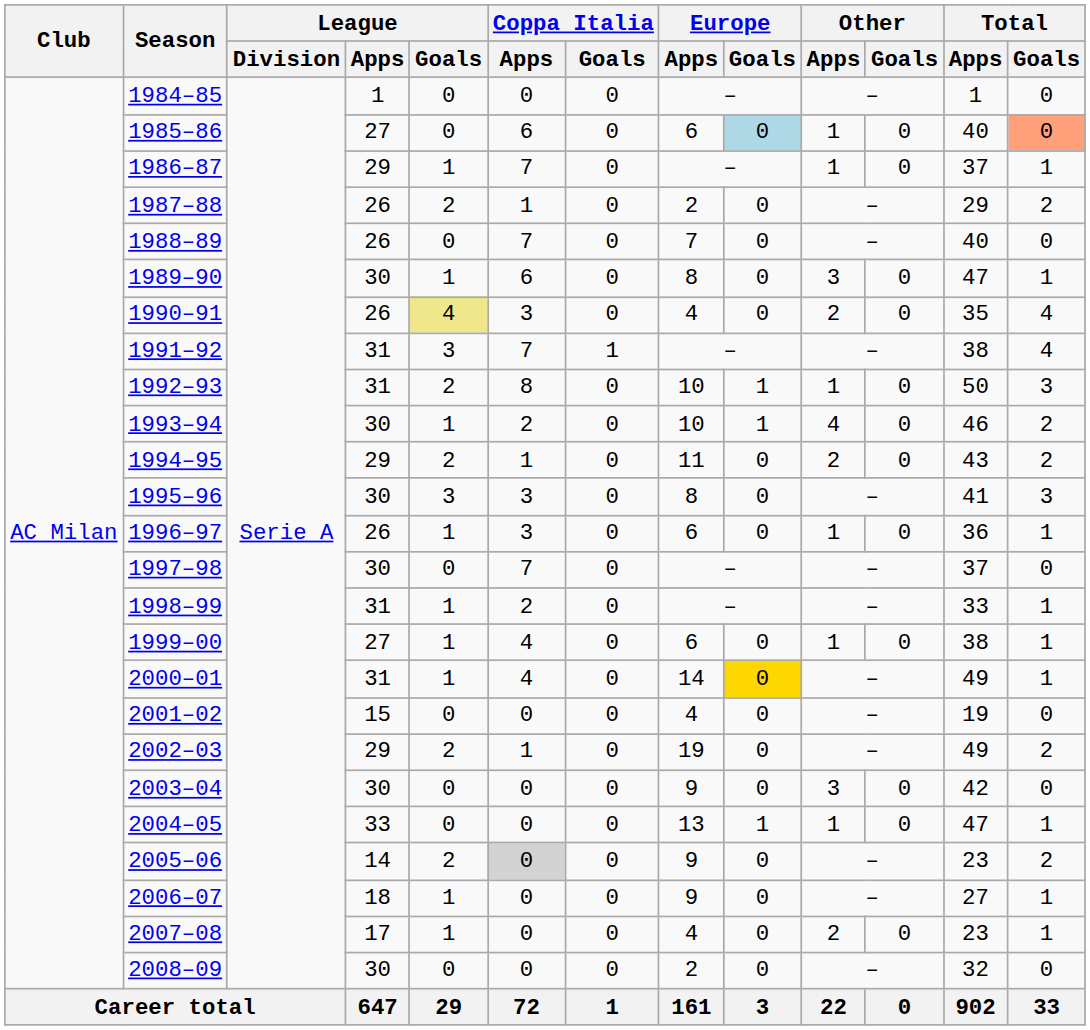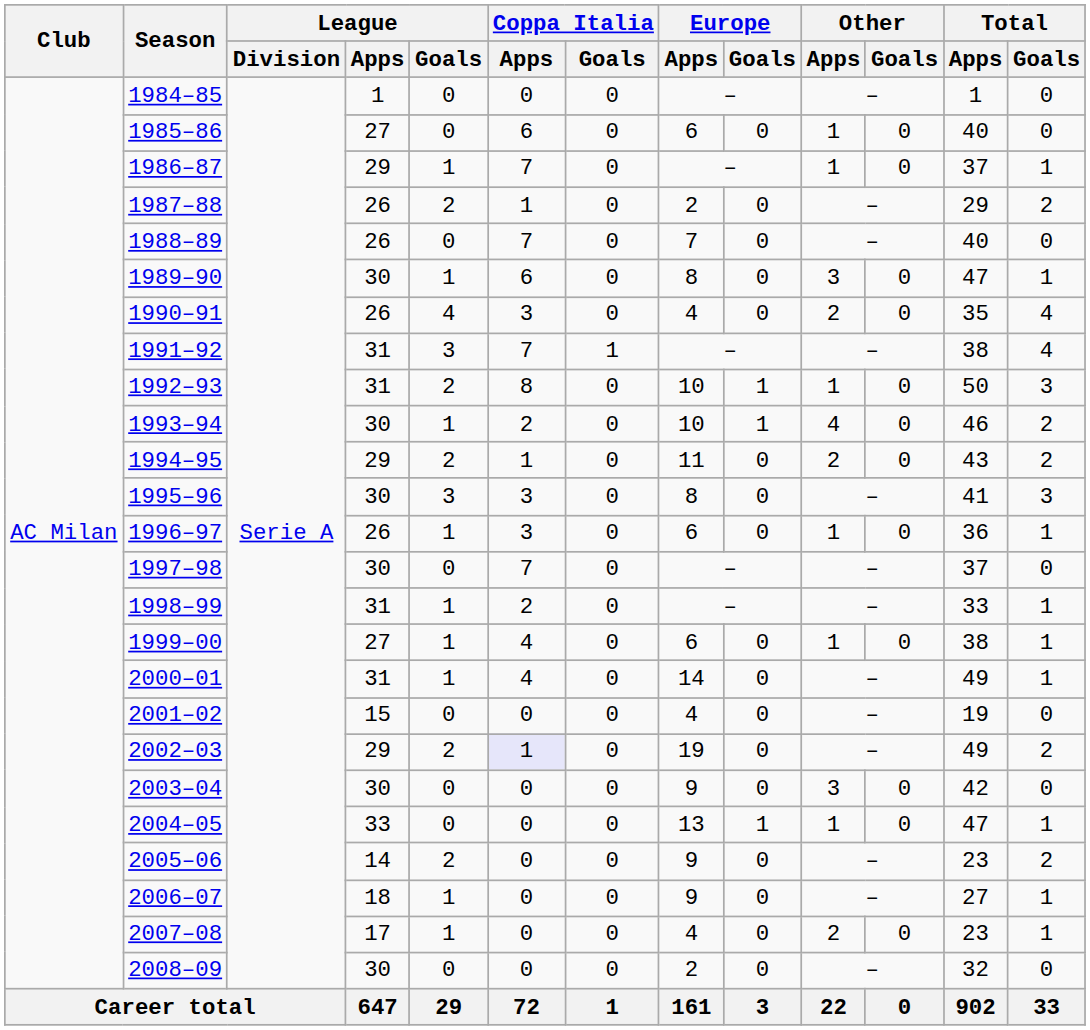 <table class="wikitable" style="text-align: center;">
 <tr>
 <th rowspan="2">Club</th>
 <th rowspan="2">Season</th>
 <th colspan="3">League</th>
 <th colspan="2"><a href='#'>Coppa Italia</a></th>
 <th colspan="2"><a href='#'>Europe</a></th>
 <th colspan="2">Other</th>
 <th colspan="2">Total</th>
 </tr>
 <tr>
 <th>Division</th>
 <th>Apps</th>
 <th>Goals</th>
 <th>Apps</th>
 <th>Goals</th>
 <th>Apps</th>
 <th>Goals</th>
 <th>Apps</th>
 <th>Goals</th>
 <th>Apps</th>
 <th>Goals</th>
 </tr>
 <tr>
 <td rowspan="25"><a href='#'>AC Milan</a></td>
 <td><a href='#'>1984–85</a></td>
 <td rowspan="25"><a href='#'>Serie A</a></td>
 <td>1</td>
 <td>0</td>
 <td>0</td>
 <td>0</td>
 <td colspan="2">–</td>
 <td colspan="2">–</td>
 <td>1</td>
 <td>0</td>
 </tr>
 <tr>
 <td><a href='#'>1985–86</a></td>
 <td>27</td>
 <td>0</td>
 <td>6</td>
 <td>0</td>
 <td>6</td>
-<td style="background: lightblue;">0</td>
+<td>0</td>
 <td>1</td>
 <td>0</td>
 <td>40</td>
-<td style="background: lightsalmon;">0</td>
+<td>0</td>
 </tr>
 <tr>
 <td><a href='#'>1986–87</a></td>
 <td>29</td>
 <td>1</td>
 <td>7</td>
 <td>0</td>
 <td colspan="2">–</td>
 <td>1</td>
 <td>0</td>
 <td>37</td>
 <td>1</td>
 </tr>
 <tr>
 <td><a href='#'>1987–88</a></td>
 <td>26</td>
 <td>2</td>
 <td>1</td>
 <td>0</td>
 <td>2</td>
 <td>0</td>
 <td colspan="2">–</td>
 <td>29</td>
 <td>2</td>
 </tr>
 <tr>
 <td><a href='#'>1988–89</a></td>
 <td>26</td>
 <td>0</td>
 <td>7</td>
 <td>0</td>
 <td>7</td>
 <td>0</td>
 <td colspan="2">–</td>
 <td>40</td>
 <td>0</td>
 </tr>
 <tr>
 <td><a href='#'>1989–90</a></td>
 <td>30</td>
 <td>1</td>
 <td>6</td>
 <td>0</td>
 <td>8</td>
 <td>0</td>
 <td>3</td>
 <td>0</td>
 <td>47</td>
 <td>1</td>
 </tr>
 <tr>
 <td><a href='#'>1990–91</a></td>
 <td>26</td>
-<td style="background: khaki;">4</td>
+<td>4</td>
 <td>3</td>
 <td>0</td>
 <td>4</td>
 <td>0</td>
 <td>2</td>
 <td>0</td>
 <td>35</td>
 <td>4</td>
 </tr>
 <tr>
 <td><a href='#'>1991–92</a></td>
 <td>31</td>
 <td>3</td>
 <td>7</td>
 <td>1</td>
 <td colspan="2">–</td>
 <td colspan="2">–</td>
 <td>38</td>
 <td>4</td>
 </tr>
 <tr>
 <td><a href='#'>1992–93</a></td>
 <td>31</td>
 <td>2</td>
 <td>8</td>
 <td>0</td>
 <td>10</td>
 <td>1</td>
 <td>1</td>
 <td>0</td>
 <td>50</td>
 <td>3</td>
 </tr>
 <tr>
 <td><a href='#'>1993–94</a></td>
 <td>30</td>
 <td>1</td>
 <td>2</td>
 <td>0</td>
 <td>10</td>
 <td>1</td>
 <td>4</td>
 <td>0</td>
 <td>46</td>
 <td>2</td>
 </tr>
 <tr>
 <td><a href='#'>1994–95</a></td>
 <td>29</td>
 <td>2</td>
 <td>1</td>
 <td>0</td>
 <td>11</td>
 <td>0</td>
 <td>2</td>
 <td>0</td>
 <td>43</td>
 <td>2</td>
 </tr>
 <tr>
 <td><a href='#'>1995–96</a></td>
 <td>30</td>
 <td>3</td>
 <td>3</td>
 <td>0</td>
 <td>8</td>
 <td>0</td>
 <td colspan="2">–</td>
 <td>41</td>
 <td>3</td>
 </tr>
 <tr>
 <td><a href='#'>1996–97</a></td>
 <td>26</td>
 <td>1</td>
 <td>3</td>
 <td>0</td>
 <td>6</td>
 <td>0</td>
 <td>1</td>
 <td>0</td>
 <td>36</td>
 <td>1</td>
 </tr>
 <tr>
 <td><a href='#'>1997–98</a></td>
 <td>30</td>
 <td>0</td>
 <td>7</td>
 <td>0</td>
 <td colspan="2">–</td>
 <td colspan="2">–</td>
 <td>37</td>
 <td>0</td>
 </tr>
 <tr>
 <td><a href='#'>1998–99</a></td>
 <td>31</td>
 <td>1</td>
 <td>2</td>
 <td>0</td>
 <td colspan="2">–</td>
 <td colspan="2">–</td>
 <td>33</td>
 <td>1</td>
 </tr>
 <tr>
 <td><a href='#'>1999–00</a></td>
 <td>27</td>
 <td>1</td>
 <td>4</td>
 <td>0</td>
 <td>6</td>
 <td>0</td>
 <td>1</td>
 <td>0</td>
 <td>38</td>
 <td>1</td>
 </tr>
 <tr>
 <td><a href='#'>2000–01</a></td>
 <td>31</td>
 <td>1</td>
 <td>4</td>
 <td>0</td>
 <td>14</td>
-<td style="background: gold;">0</td>
+<td>0</td>
 <td colspan="2">–</td>
 <td>49</td>
 <td>1</td>
 </tr>
 <tr>
 <td><a href='#'>2001–02</a></td>
 <td>15</td>
 <td>0</td>
 <td>0</td>
 <td>0</td>
 <td>4</td>
 <td>0</td>
 <td colspan="2">–</td>
 <td>19</td>
 <td>0</td>
 </tr>
 <tr>
 <td><a href='#'>2002–03</a></td>
 <td>29</td>
 <td>2</td>
-<td>1</td>
+<td style="background: lavender;">1</td>
 <td>0</td>
 <td>19</td>
 <td>0</td>
 <td colspan="2">–</td>
 <td>49</td>
 <td>2</td>
 </tr>
 <tr>
 <td><a href='#'>2003–04</a></td>
 <td>30</td>
 <td>0</td>
 <td>0</td>
 <td>0</td>
 <td>9</td>
 <td>0</td>
 <td>3</td>
 <td>0</td>
 <td>42</td>
 <td>0</td>
 </tr>
 <tr>
 <td><a href='#'>2004–05</a></td>
 <td>33</td>
 <td>0</td>
 <td>0</td>
 <td>0</td>
 <td>13</td>
 <td>1</td>
 <td>1</td>
 <td>0</td>
 <td>47</td>
 <td>1</td>
 </tr>
 <tr>
 <td><a href='#'>2005–06</a></td>
 <td>14</td>
 <td>2</td>
-<td style="background: lightgrey;">0</td>
+<td>0</td>
 <td>0</td>
 <td>9</td>
 <td>0</td>
 <td colspan="2">–</td>
 <td>23</td>
 <td>2</td>
 </tr>
 <tr>
 <td><a href='#'>2006–07</a></td>
 <td>18</td>
 <td>1</td>
 <td>0</td>
 <td>0</td>
 <td>9</td>
 <td>0</td>
 <td colspan="2">–</td>
 <td>27</td>
 <td>1</td>
 </tr>
 <tr>
 <td><a href='#'>2007–08</a></td>
 <td>17</td>
 <td>1</td>
 <td>0</td>
 <td>0</td>
 <td>4</td>
 <td>0</td>
 <td>2</td>
 <td>0</td>
 <td>23</td>
 <td>1</td>
 </tr>
 <tr>
 <td><a href='#'>2008–09</a></td>
 <td>30</td>
 <td>0</td>
 <td>0</td>
 <td>0</td>
 <td>2</td>
 <td>0</td>
 <td colspan="2">–</td>
 <td>32</td>
 <td>0</td>
 </tr>
 <tr>
 <th colspan="3">Career total</th>
 <th>647</th>
 <th>29</th>
 <th>72</th>
 <th>1</th>
 <th>161</th>
 <th>3</th>
 <th>22</th>
 <th>0</th>
 <th>902</th>
 <th>33</th>
 </tr>
 </table>
